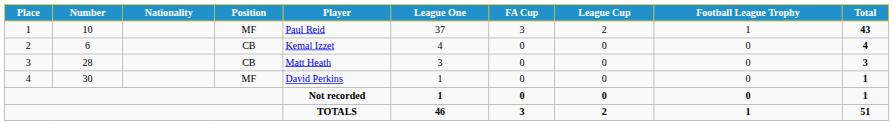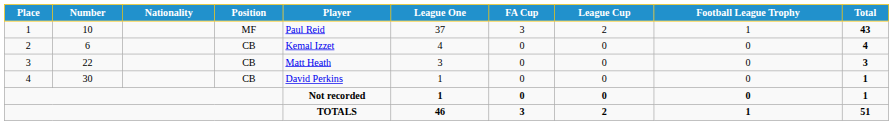 <table class="wikitable" style="text-align:center; font-size:90%; width:100%;">
 <tr>
 <th style="background:#2191CC; color:white; border:1px solid #F7C408; text-align:center;">Place</th>
 <th style="background:#2191CC; color:white; border:1px solid #F7C408; text-align:center;">Number</th>
 <th style="background:#2191CC; color:white; border:1px solid #F7C408; text-align:center;">Nationality</th>
 <th style="background:#2191CC; color:white; border:1px solid #F7C408; text-align:center;">Position</th>
 <th style="background:#2191CC; color:white; border:1px solid #F7C408; text-align:center;">Player</th>
 <th style="background:#2191CC; color:white; border:1px solid #F7C408; text-align:center;">League One</th>
 <th style="background:#2191CC; color:white; border:1px solid #F7C408; text-align:center;">FA Cup</th>
 <th style="background:#2191CC; color:white; border:1px solid #F7C408; text-align:center;">League Cup</th>
 <th style="background:#2191CC; color:white; border:1px solid #F7C408; text-align:center;">Football League Trophy</th>
 <th style="background:#2191CC; color:white; border:1px solid #F7C408; text-align:center;">Total</th>
 </tr>
 <tr>
 <td>1</td>
 <td>10</td>
 <td></td>
 <td>MF</td>
 <td align="left"><a href='#'>Paul Reid</a></td>
 <td>37</td>
 <td>3</td>
 <td>2</td>
 <td>1</td>
 <td><strong>43</strong></td>
 </tr>
 <tr>
 <td>2</td>
 <td>6</td>
 <td></td>
 <td>CB</td>
 <td align="left"><a href='#'>Kemal Izzet</a></td>
 <td>4</td>
 <td>0</td>
 <td>0</td>
 <td>0</td>
 <td><strong>4</strong></td>
 </tr>
 <tr>
 <td>3</td>
-<td>28</td>
+<td>22</td>
 <td></td>
 <td>CB</td>
 <td align="left"><a href='#'>Matt Heath</a></td>
 <td>3</td>
 <td>0</td>
 <td>0</td>
 <td>0</td>
 <td><strong>3</strong></td>
 </tr>
 <tr>
 <td>4</td>
 <td>30</td>
 <td></td>
-<td>MF</td>
+<td>CB</td>
 <td align="left"><a href='#'>David Perkins</a></td>
 <td>1</td>
 <td>0</td>
 <td>0</td>
 <td>0</td>
 <td><strong>1</strong></td>
 </tr>
 <tr>
 <td colspan="4"></td>
 <td><strong>Not recorded</strong></td>
 <td><strong>1</strong></td>
 <td><strong>0</strong></td>
 <td><strong>0</strong></td>
 <td><strong>0</strong></td>
 <td><strong>1</strong></td>
 </tr>
 <tr>
 <td colspan="4"></td>
 <td><strong>TOTALS</strong></td>
 <td><strong>46</strong></td>
 <td><strong>3</strong></td>
 <td><strong>2</strong></td>
 <td><strong>1</strong></td>
 <td><strong>51</strong></td>
 </tr>
 </table>
